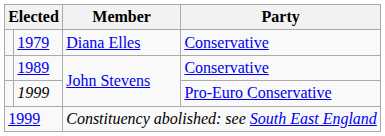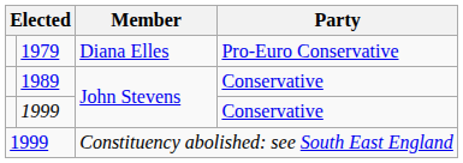 <table class="wikitable">
 <tr>
 <th colspan="2">Elected</th>
 <th>Member</th>
 <th>Party</th>
 </tr>
 <tr>
 <td style="background-color: "></td>
 <td><a href='#'>1979</a></td>
 <td><a href='#'>Diana Elles</a></td>
-<td><a href='#'>Conservative</a></td>
+<td><a href='#'>Pro-Euro Conservative</a></td>
 </tr>
 <tr>
 <td style="background-color: "></td>
 <td><a href='#'>1989</a></td>
 <td rowspan=2><a href='#'>John Stevens</a></td>
 <td><a href='#'>Conservative</a></td>
 </tr>
 <tr>
 <td style="background-color: "></td>
 <td><em>1999</em></td>
-<td><a href='#'>Pro-Euro Conservative</a></td>
+<td><a href='#'>Conservative</a></td>
 </tr>
 <tr>
 <td colspan="2"><a href='#'>1999</a></td>
 <td colspan="2"><em>Constituency abolished: see <a href='#'>South East England</a></em></td>
 </tr>
 </table>
